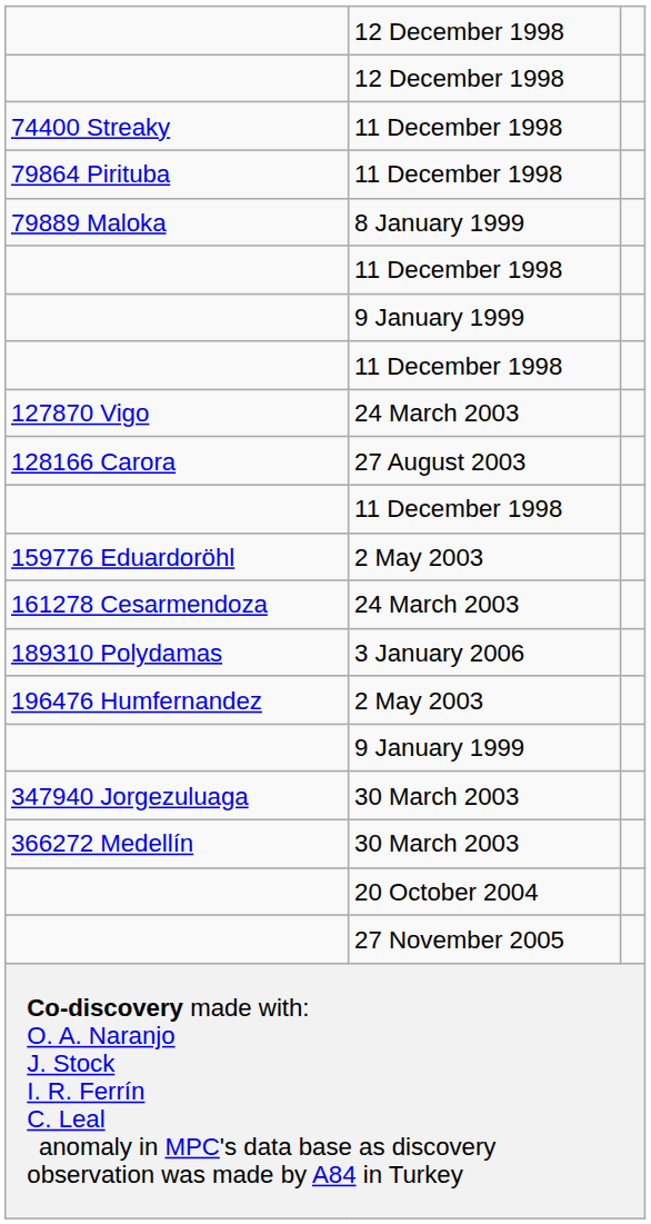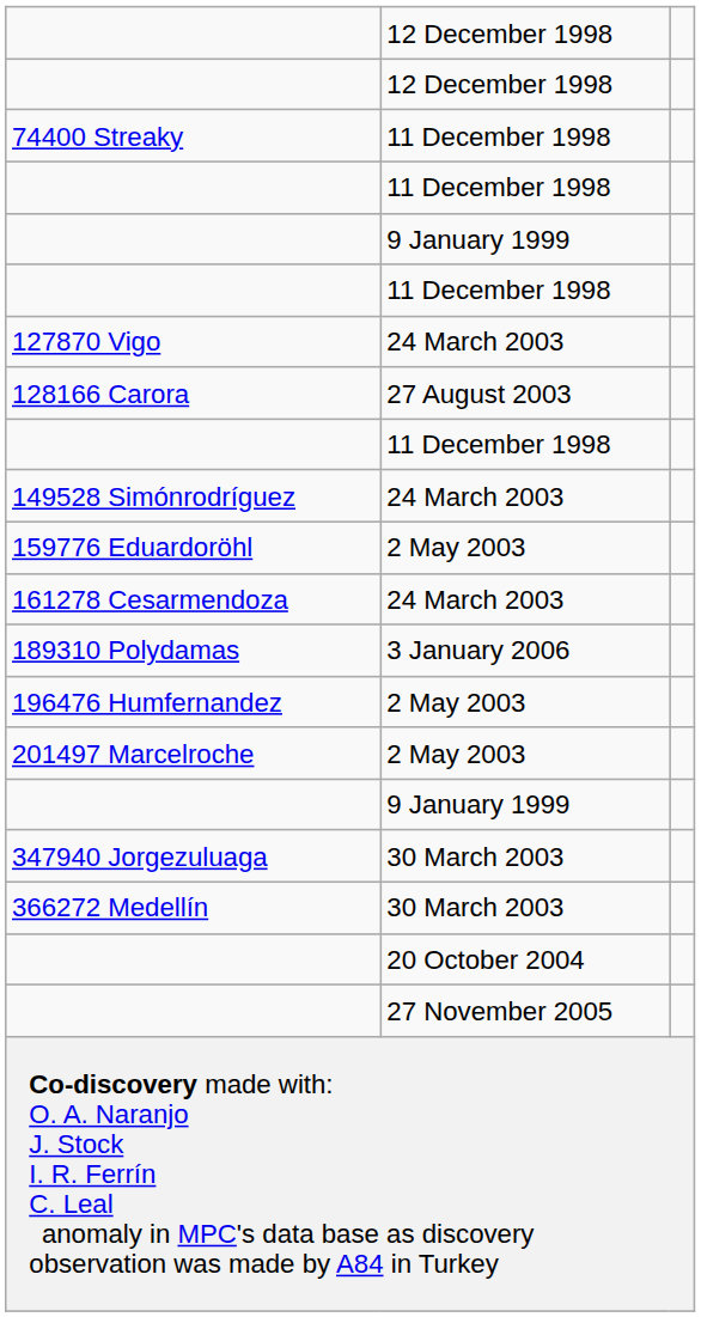 <table class="wikitable" style="font-size: 89%; float: left; width: 26em; margin-right: 1em; height: 700px;">
 <tr>
 <td></td>
 <td>12 December 1998</td>
 <td> </td>
 </tr>
 <tr>
 <td></td>
 <td>12 December 1998</td>
 <td> </td>
 </tr>
 <tr>
 <td><a href='#'>74400 Streaky</a></td>
 <td>11 December 1998</td>
-<td> </td>
-</tr>
-<tr>
-<td><a href='#'>79864 Pirituba</a></td>
-<td>11 December 1998</td>
-<td> </td>
-</tr>
-<tr>
-<td><a href='#'>79889 Maloka</a></td>
-<td>8 January 1999</td>
 <td> </td>
 </tr>
 <tr>
 <td></td>
 <td>11 December 1998</td>
 <td> </td>
 </tr>
 <tr>
 <td></td>
 <td>9 January 1999</td>
 <td> </td>
 </tr>
 <tr>
 <td></td>
 <td>11 December 1998</td>
 <td> </td>
 </tr>
 <tr>
 <td><a href='#'>127870 Vigo</a></td>
 <td>24 March 2003</td>
 <td> </td>
 </tr>
 <tr>
 <td><a href='#'>128166 Carora</a></td>
 <td>27 August 2003</td>
 <td> </td>
 </tr>
 <tr>
 <td></td>
 <td>11 December 1998</td>
 <td> </td>
 </tr>
 <tr>
+<td><a href='#'>149528 Simónrodríguez</a></td>
+<td>24 March 2003</td>
+<td> </td>
+</tr>
+<tr>
 <td><a href='#'>159776 Eduardoröhl</a></td>
 <td>2 May 2003</td>
 <td> </td>
 </tr>
 <tr>
 <td><a href='#'>161278 Cesarmendoza</a></td>
 <td>24 March 2003</td>
 <td> </td>
 </tr>
 <tr>
 <td><a href='#'>189310 Polydamas</a></td>
 <td>3 January 2006</td>
 <td> </td>
 </tr>
 <tr>
 <td><a href='#'>196476 Humfernandez</a></td>
+<td>2 May 2003</td>
+<td> </td>
+</tr>
+<tr>
+<td><a href='#'>201497 Marcelroche</a></td>
 <td>2 May 2003</td>
 <td> </td>
 </tr>
 <tr>
 <td></td>
 <td>9 January 1999</td>
 <td> </td>
 </tr>
 <tr>
 <td><a href='#'>347940 Jorgezuluaga</a></td>
 <td>30 March 2003</td>
 <td> </td>
 </tr>
 <tr>
 <td><a href='#'>366272 Medellín</a></td>
 <td>30 March 2003</td>
 <td> </td>
 </tr>
 <tr>
 <td></td>
 <td>20 October 2004</td>
 <td> </td>
 </tr>
 <tr>
 <td></td>
 <td>27 November 2005</td>
 <td> </td>
 </tr>
 <tr>
 <th colspan=3 style="font-weight: normal; text-align: left; padding: 4px 12px;"><strong>Co-discovery</strong> made with:<br> <a href='#'>O. A. Naranjo</a><br> <a href='#'>J. Stock</a><br> <a href='#'>I. R. Ferrín</a><br> <a href='#'>C. Leal</a><br>  anomaly in <a href='#'>MPC</a>'s data base as discovery observation was made by <a href='#'>A84</a> in Turkey</th>
 </tr>
 </table>
